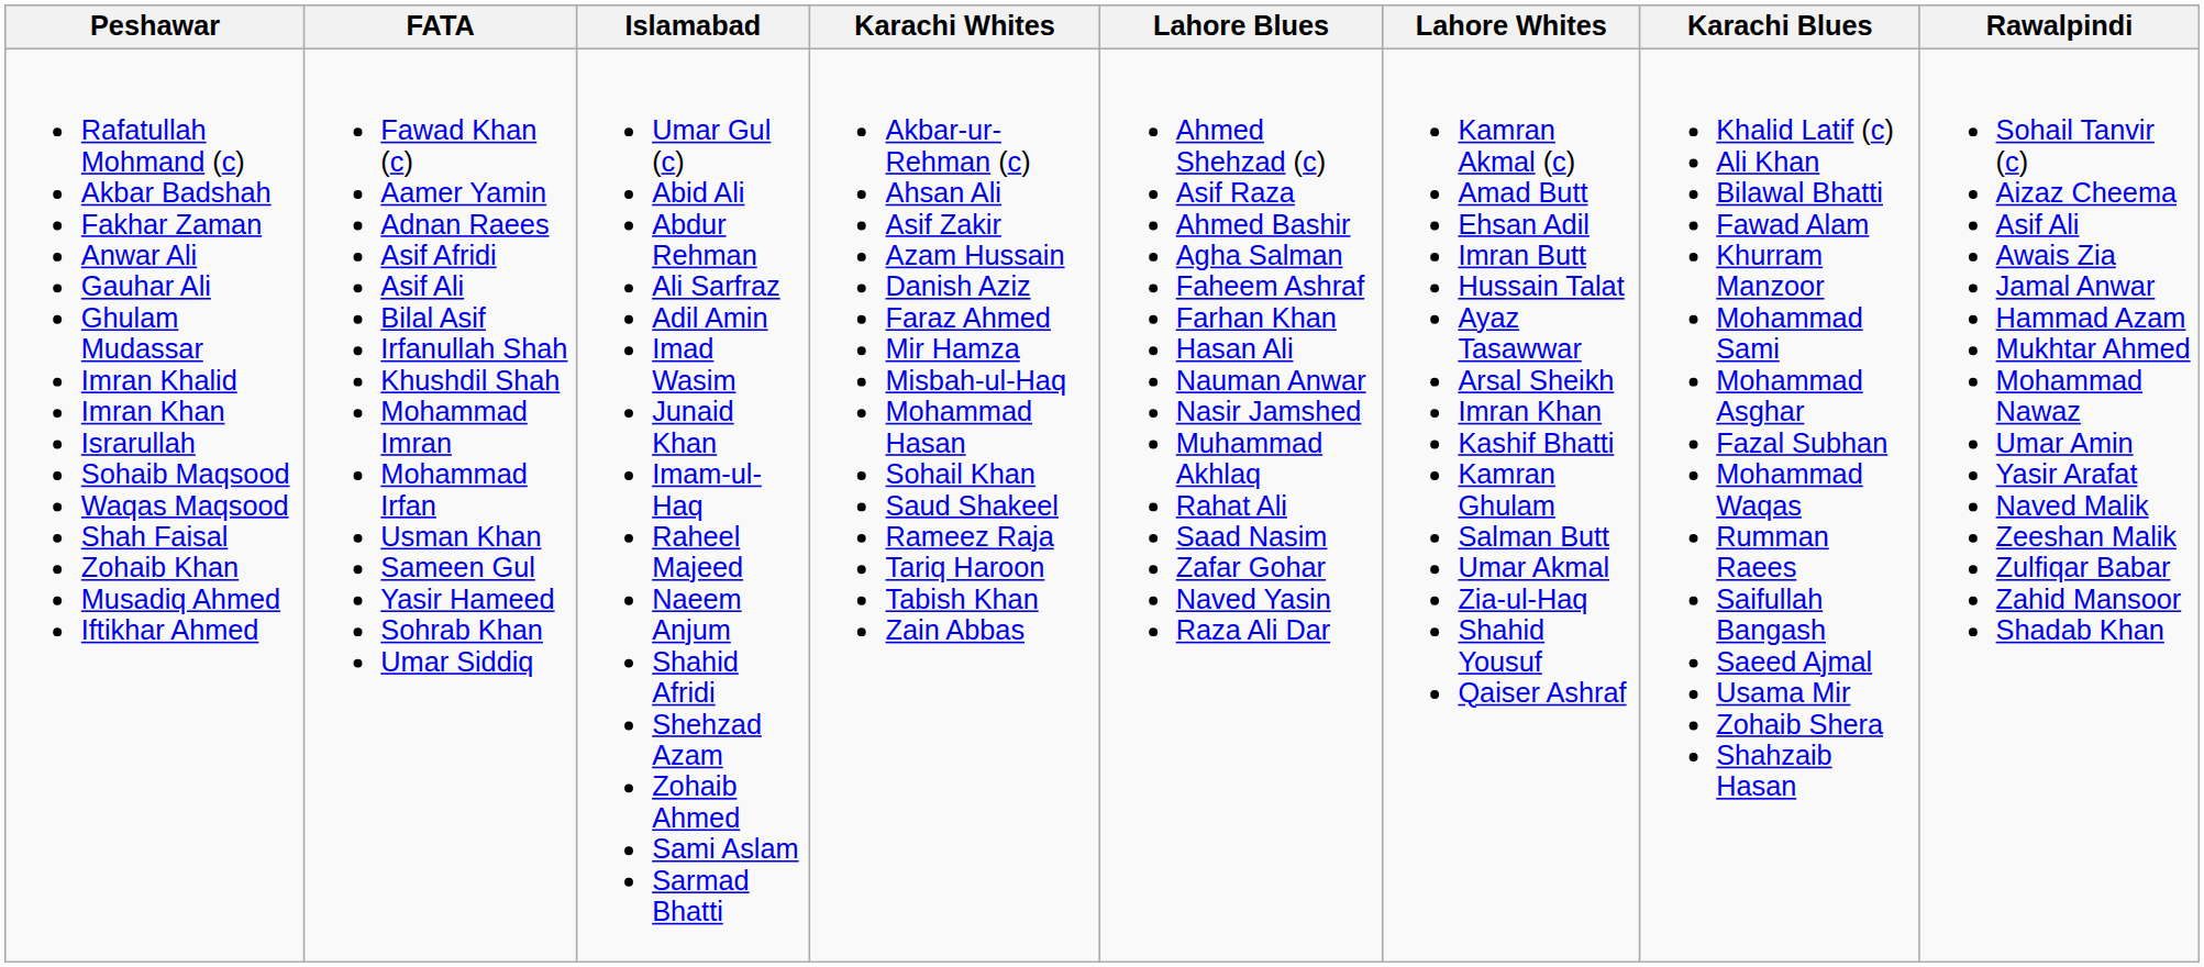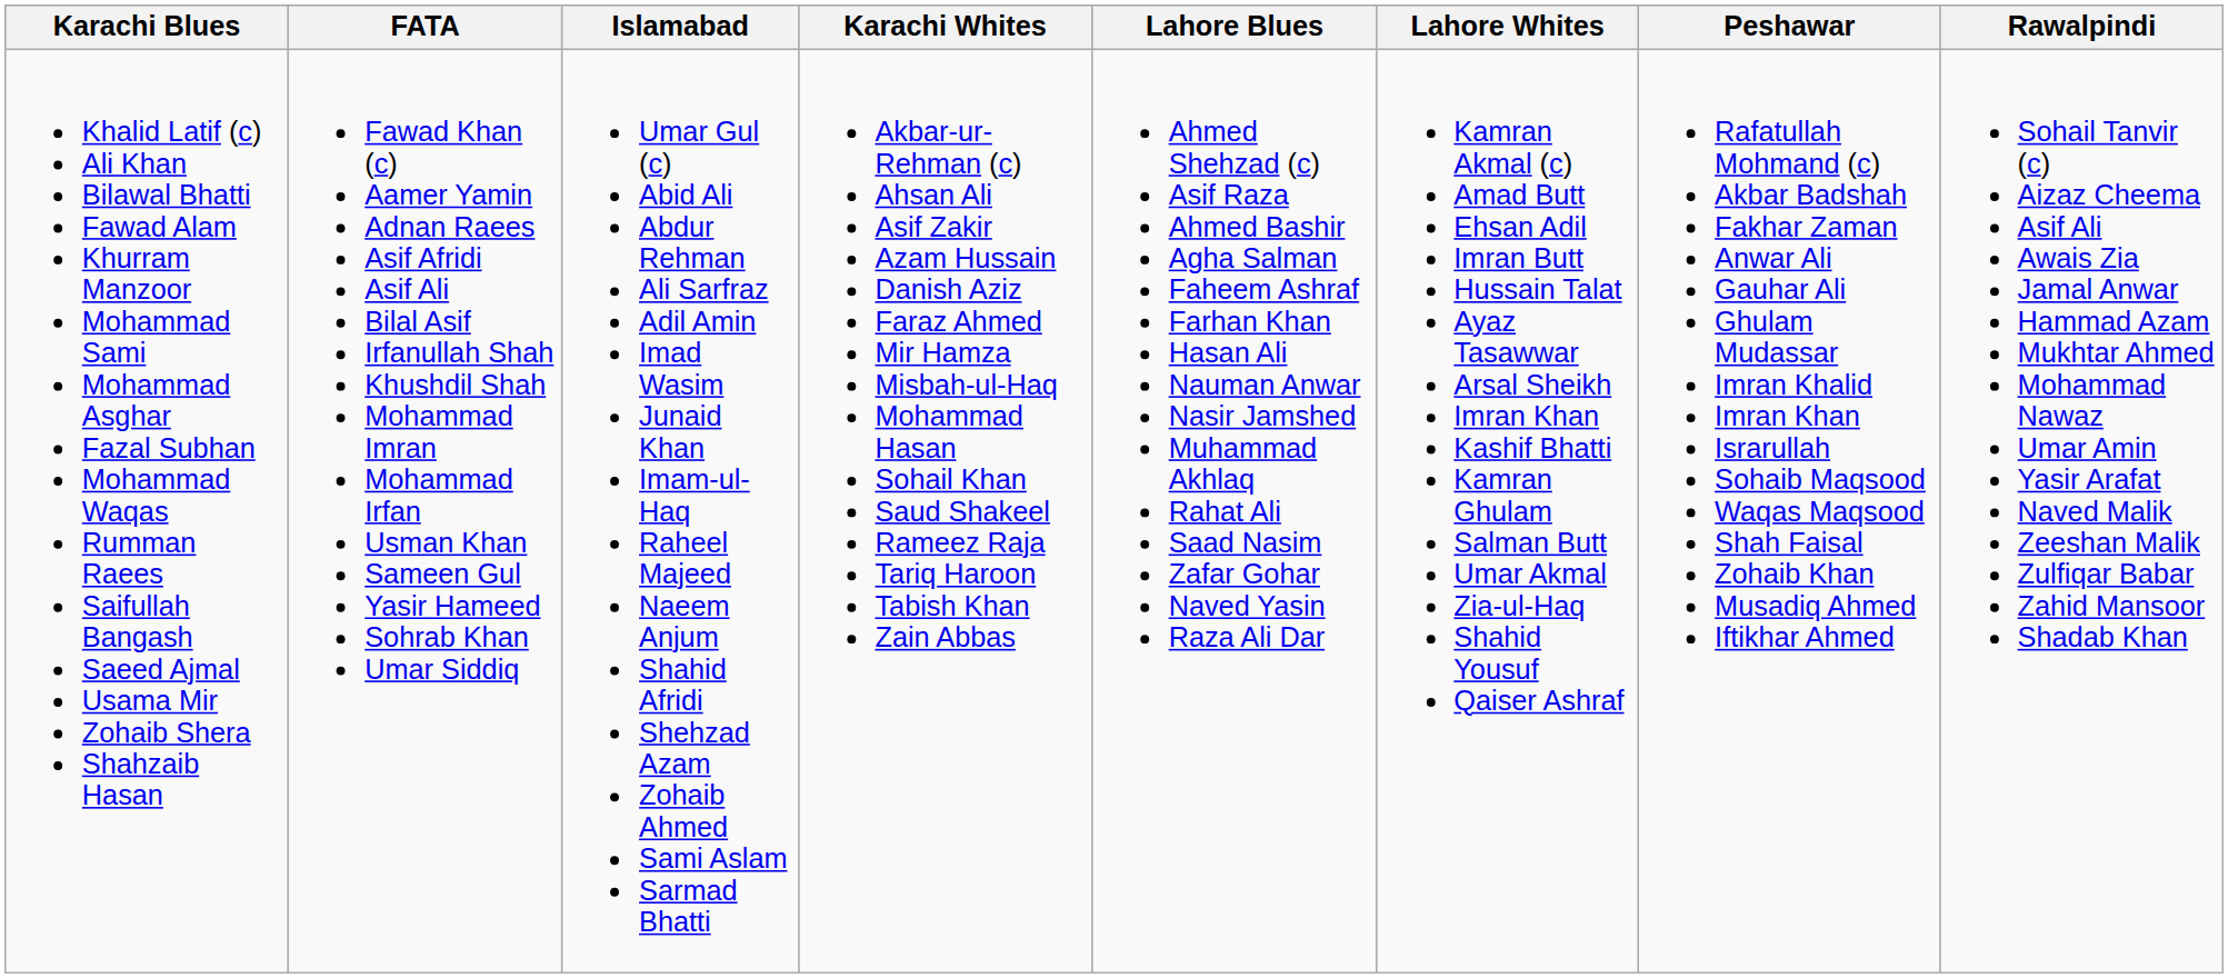 <table class="wikitable" style="text-align:left; margin:auto">
 <tr>
-<th style="width=20%;">Peshawar</th>
+<th style="width=20%;">Karachi Blues</th>
 <th style="width=20%;">FATA</th>
 <th style="width=20%;">Islamabad</th>
 <th style="width=20%;">Karachi Whites</th>
 <th style="width=20%;">Lahore Blues</th>
 <th style="width=20%;">Lahore Whites</th>
-<th style="width=20%;">Karachi Blues</th>
+<th style="width=20%;">Peshawar</th>
 <th style="width=20%;">Rawalpindi</th>
 </tr>
 <tr style="vertical-align:top">
-<td><br><ul><li><a href='#'>Rafatullah Mohmand</a> (<a href='#'>c</a>)</li><li><a href='#'>Akbar Badshah</a></li><li><a href='#'>Fakhar Zaman</a></li><li><a href='#'>Anwar Ali</a></li><li><a href='#'>Gauhar Ali</a></li><li><a href='#'>Ghulam Mudassar</a></li><li><a href='#'>Imran Khalid</a></li><li><a href='#'>Imran Khan</a></li><li><a href='#'>Israrullah</a></li><li><a href='#'>Sohaib Maqsood</a></li><li><a href='#'>Waqas Maqsood</a></li><li><a href='#'>Shah Faisal</a></li><li><a href='#'>Zohaib Khan</a></li><li><a href='#'>Musadiq Ahmed</a></li><li><a href='#'>Iftikhar Ahmed</a></li></ul></td>
+<td><br><ul><li><a href='#'>Khalid Latif</a> (<a href='#'>c</a>)</li><li><a href='#'>Ali Khan</a></li><li><a href='#'>Bilawal Bhatti</a></li><li><a href='#'>Fawad Alam</a></li><li><a href='#'>Khurram Manzoor</a></li><li><a href='#'>Mohammad Sami</a></li><li><a href='#'>Mohammad Asghar</a></li><li><a href='#'>Fazal Subhan</a></li><li><a href='#'>Mohammad Waqas</a></li><li><a href='#'>Rumman Raees</a></li><li><a href='#'>Saifullah Bangash</a></li><li><a href='#'>Saeed Ajmal</a></li><li><a href='#'>Usama Mir</a></li><li><a href='#'>Zohaib Shera</a></li><li><a href='#'>Shahzaib Hasan</a></li></ul></td>
 <td><br><ul><li><a href='#'>Fawad Khan</a> (<a href='#'>c</a>)</li><li><a href='#'>Aamer Yamin</a></li><li><a href='#'>Adnan Raees</a></li><li><a href='#'>Asif Afridi</a></li><li><a href='#'>Asif Ali</a></li><li><a href='#'>Bilal Asif</a></li><li><a href='#'>Irfanullah Shah</a></li><li><a href='#'>Khushdil Shah</a></li><li><a href='#'>Mohammad Imran</a></li><li><a href='#'>Mohammad Irfan</a></li><li><a href='#'>Usman Khan</a></li><li><a href='#'>Sameen Gul</a></li><li><a href='#'>Yasir Hameed</a></li><li><a href='#'>Sohrab Khan</a></li><li><a href='#'>Umar Siddiq</a></li></ul></td>
 <td><br><ul><li><a href='#'>Umar Gul</a> (<a href='#'>c</a>)</li><li><a href='#'>Abid Ali</a></li><li><a href='#'>Abdur Rehman</a></li><li><a href='#'>Ali Sarfraz</a></li><li><a href='#'>Adil Amin</a></li><li><a href='#'>Imad Wasim</a></li><li><a href='#'>Junaid Khan</a></li><li><a href='#'>Imam-ul-Haq</a></li><li><a href='#'>Raheel Majeed</a></li><li><a href='#'>Naeem Anjum</a></li><li><a href='#'>Shahid Afridi</a></li><li><a href='#'>Shehzad Azam</a></li><li><a href='#'>Zohaib Ahmed</a></li><li><a href='#'>Sami Aslam</a></li><li><a href='#'>Sarmad Bhatti</a></li></ul></td>
 <td><br><ul><li><a href='#'>Akbar-ur-Rehman</a> (<a href='#'>c</a>)</li><li><a href='#'>Ahsan Ali</a></li><li><a href='#'>Asif Zakir</a></li><li><a href='#'>Azam Hussain</a></li><li><a href='#'>Danish Aziz</a></li><li><a href='#'>Faraz Ahmed</a></li><li><a href='#'>Mir Hamza</a></li><li><a href='#'>Misbah-ul-Haq</a></li><li><a href='#'>Mohammad Hasan</a></li><li><a href='#'>Sohail Khan</a></li><li><a href='#'>Saud Shakeel</a></li><li><a href='#'>Rameez Raja</a></li><li><a href='#'>Tariq Haroon</a></li><li><a href='#'>Tabish Khan</a></li><li><a href='#'>Zain Abbas</a></li></ul></td>
 <td><br><ul><li><a href='#'>Ahmed Shehzad</a> (<a href='#'>c</a>)</li><li><a href='#'>Asif Raza</a></li><li><a href='#'>Ahmed Bashir</a></li><li><a href='#'>Agha Salman</a></li><li><a href='#'>Faheem Ashraf</a></li><li><a href='#'>Farhan Khan</a></li><li><a href='#'>Hasan Ali</a></li><li><a href='#'>Nauman Anwar</a></li><li><a href='#'>Nasir Jamshed</a></li><li><a href='#'>Muhammad Akhlaq</a></li><li><a href='#'>Rahat Ali</a></li><li><a href='#'>Saad Nasim</a></li><li><a href='#'>Zafar Gohar</a></li><li><a href='#'>Naved Yasin</a></li><li><a href='#'>Raza Ali Dar</a></li></ul></td>
 <td><br><ul><li><a href='#'>Kamran Akmal</a> (<a href='#'>c</a>)</li><li><a href='#'>Amad Butt</a></li><li><a href='#'>Ehsan Adil</a></li><li><a href='#'>Imran Butt</a></li><li><a href='#'>Hussain Talat</a></li><li><a href='#'>Ayaz Tasawwar</a></li><li><a href='#'>Arsal Sheikh</a></li><li><a href='#'>Imran Khan</a></li><li><a href='#'>Kashif Bhatti</a></li><li><a href='#'>Kamran Ghulam</a></li><li><a href='#'>Salman Butt</a></li><li><a href='#'>Umar Akmal</a></li><li><a href='#'>Zia-ul-Haq</a></li><li><a href='#'>Shahid Yousuf</a></li><li><a href='#'>Qaiser Ashraf</a></li></ul></td>
-<td><br><ul><li><a href='#'>Khalid Latif</a> (<a href='#'>c</a>)</li><li><a href='#'>Ali Khan</a></li><li><a href='#'>Bilawal Bhatti</a></li><li><a href='#'>Fawad Alam</a></li><li><a href='#'>Khurram Manzoor</a></li><li><a href='#'>Mohammad Sami</a></li><li><a href='#'>Mohammad Asghar</a></li><li><a href='#'>Fazal Subhan</a></li><li><a href='#'>Mohammad Waqas</a></li><li><a href='#'>Rumman Raees</a></li><li><a href='#'>Saifullah Bangash</a></li><li><a href='#'>Saeed Ajmal</a></li><li><a href='#'>Usama Mir</a></li><li><a href='#'>Zohaib Shera</a></li><li><a href='#'>Shahzaib Hasan</a></li></ul></td>
+<td><br><ul><li><a href='#'>Rafatullah Mohmand</a> (<a href='#'>c</a>)</li><li><a href='#'>Akbar Badshah</a></li><li><a href='#'>Fakhar Zaman</a></li><li><a href='#'>Anwar Ali</a></li><li><a href='#'>Gauhar Ali</a></li><li><a href='#'>Ghulam Mudassar</a></li><li><a href='#'>Imran Khalid</a></li><li><a href='#'>Imran Khan</a></li><li><a href='#'>Israrullah</a></li><li><a href='#'>Sohaib Maqsood</a></li><li><a href='#'>Waqas Maqsood</a></li><li><a href='#'>Shah Faisal</a></li><li><a href='#'>Zohaib Khan</a></li><li><a href='#'>Musadiq Ahmed</a></li><li><a href='#'>Iftikhar Ahmed</a></li></ul></td>
 <td><br><ul><li><a href='#'>Sohail Tanvir</a> (<a href='#'>c</a>)</li><li><a href='#'>Aizaz Cheema</a></li><li><a href='#'>Asif Ali</a></li><li><a href='#'>Awais Zia</a></li><li><a href='#'>Jamal Anwar</a></li><li><a href='#'>Hammad Azam</a></li><li><a href='#'>Mukhtar Ahmed</a></li><li><a href='#'>Mohammad Nawaz</a></li><li><a href='#'>Umar Amin</a></li><li><a href='#'>Yasir Arafat</a></li><li><a href='#'>Naved Malik</a></li><li><a href='#'>Zeeshan Malik</a></li><li><a href='#'>Zulfiqar Babar</a></li><li><a href='#'>Zahid Mansoor</a></li><li><a href='#'>Shadab Khan</a></li></ul></td>
 </tr>
 </table>
